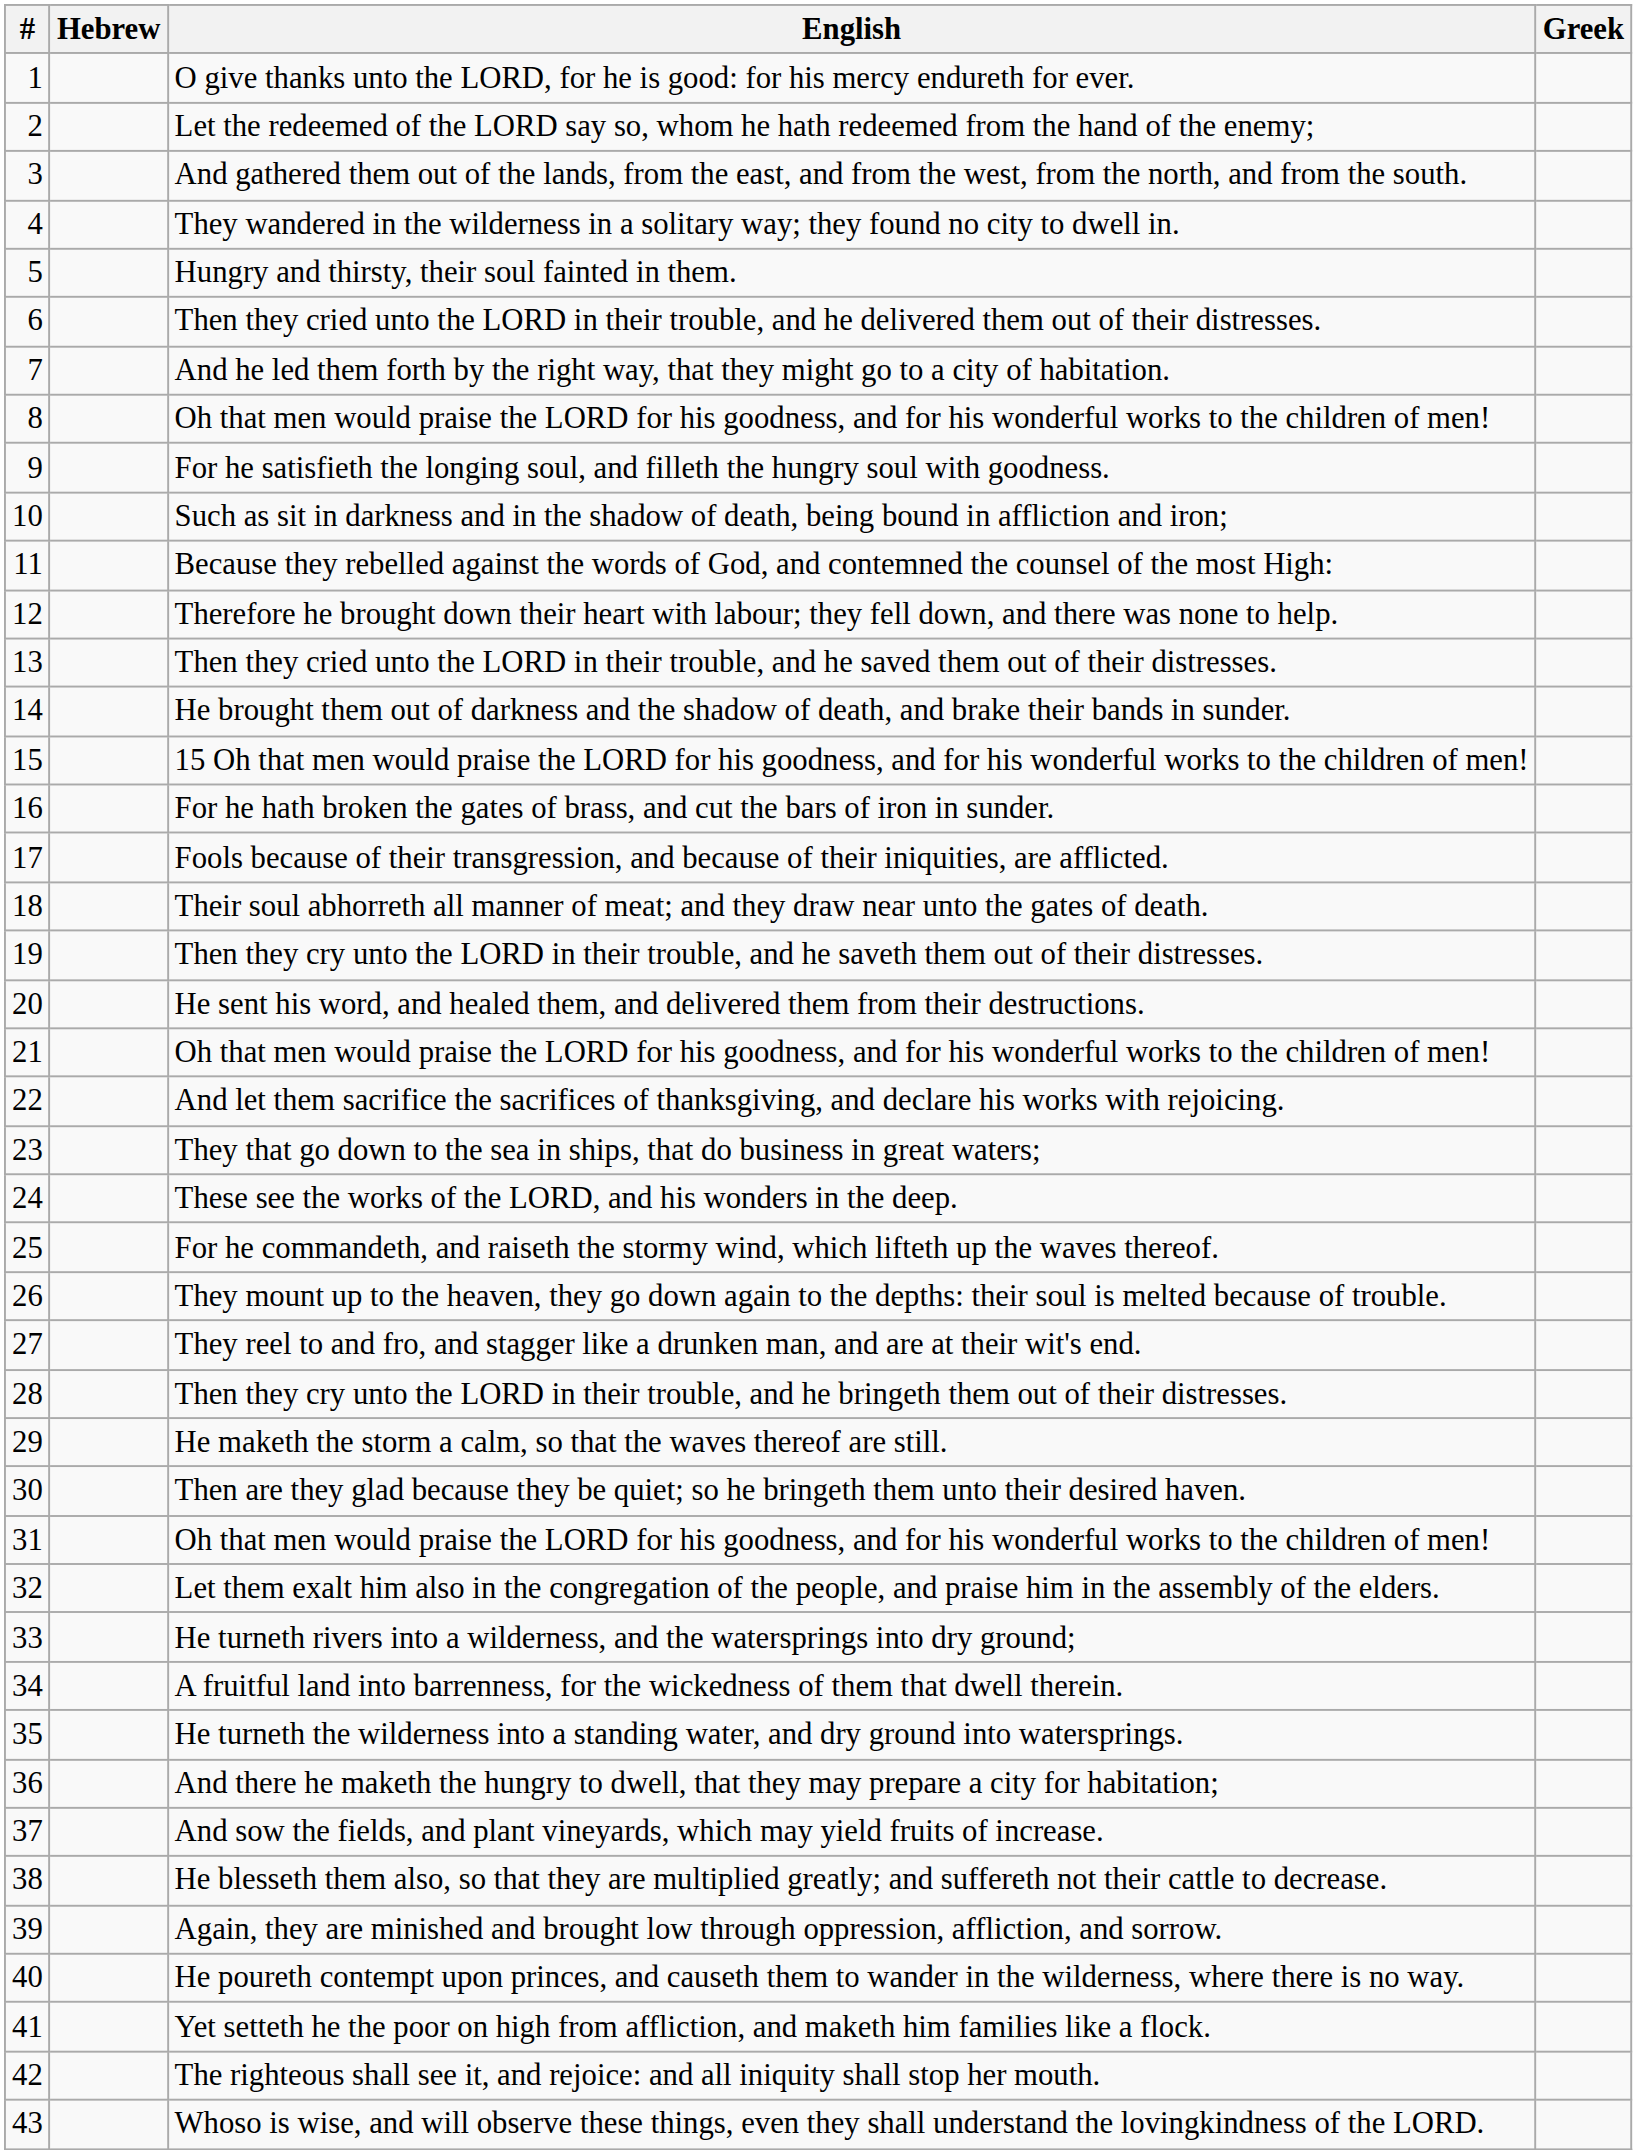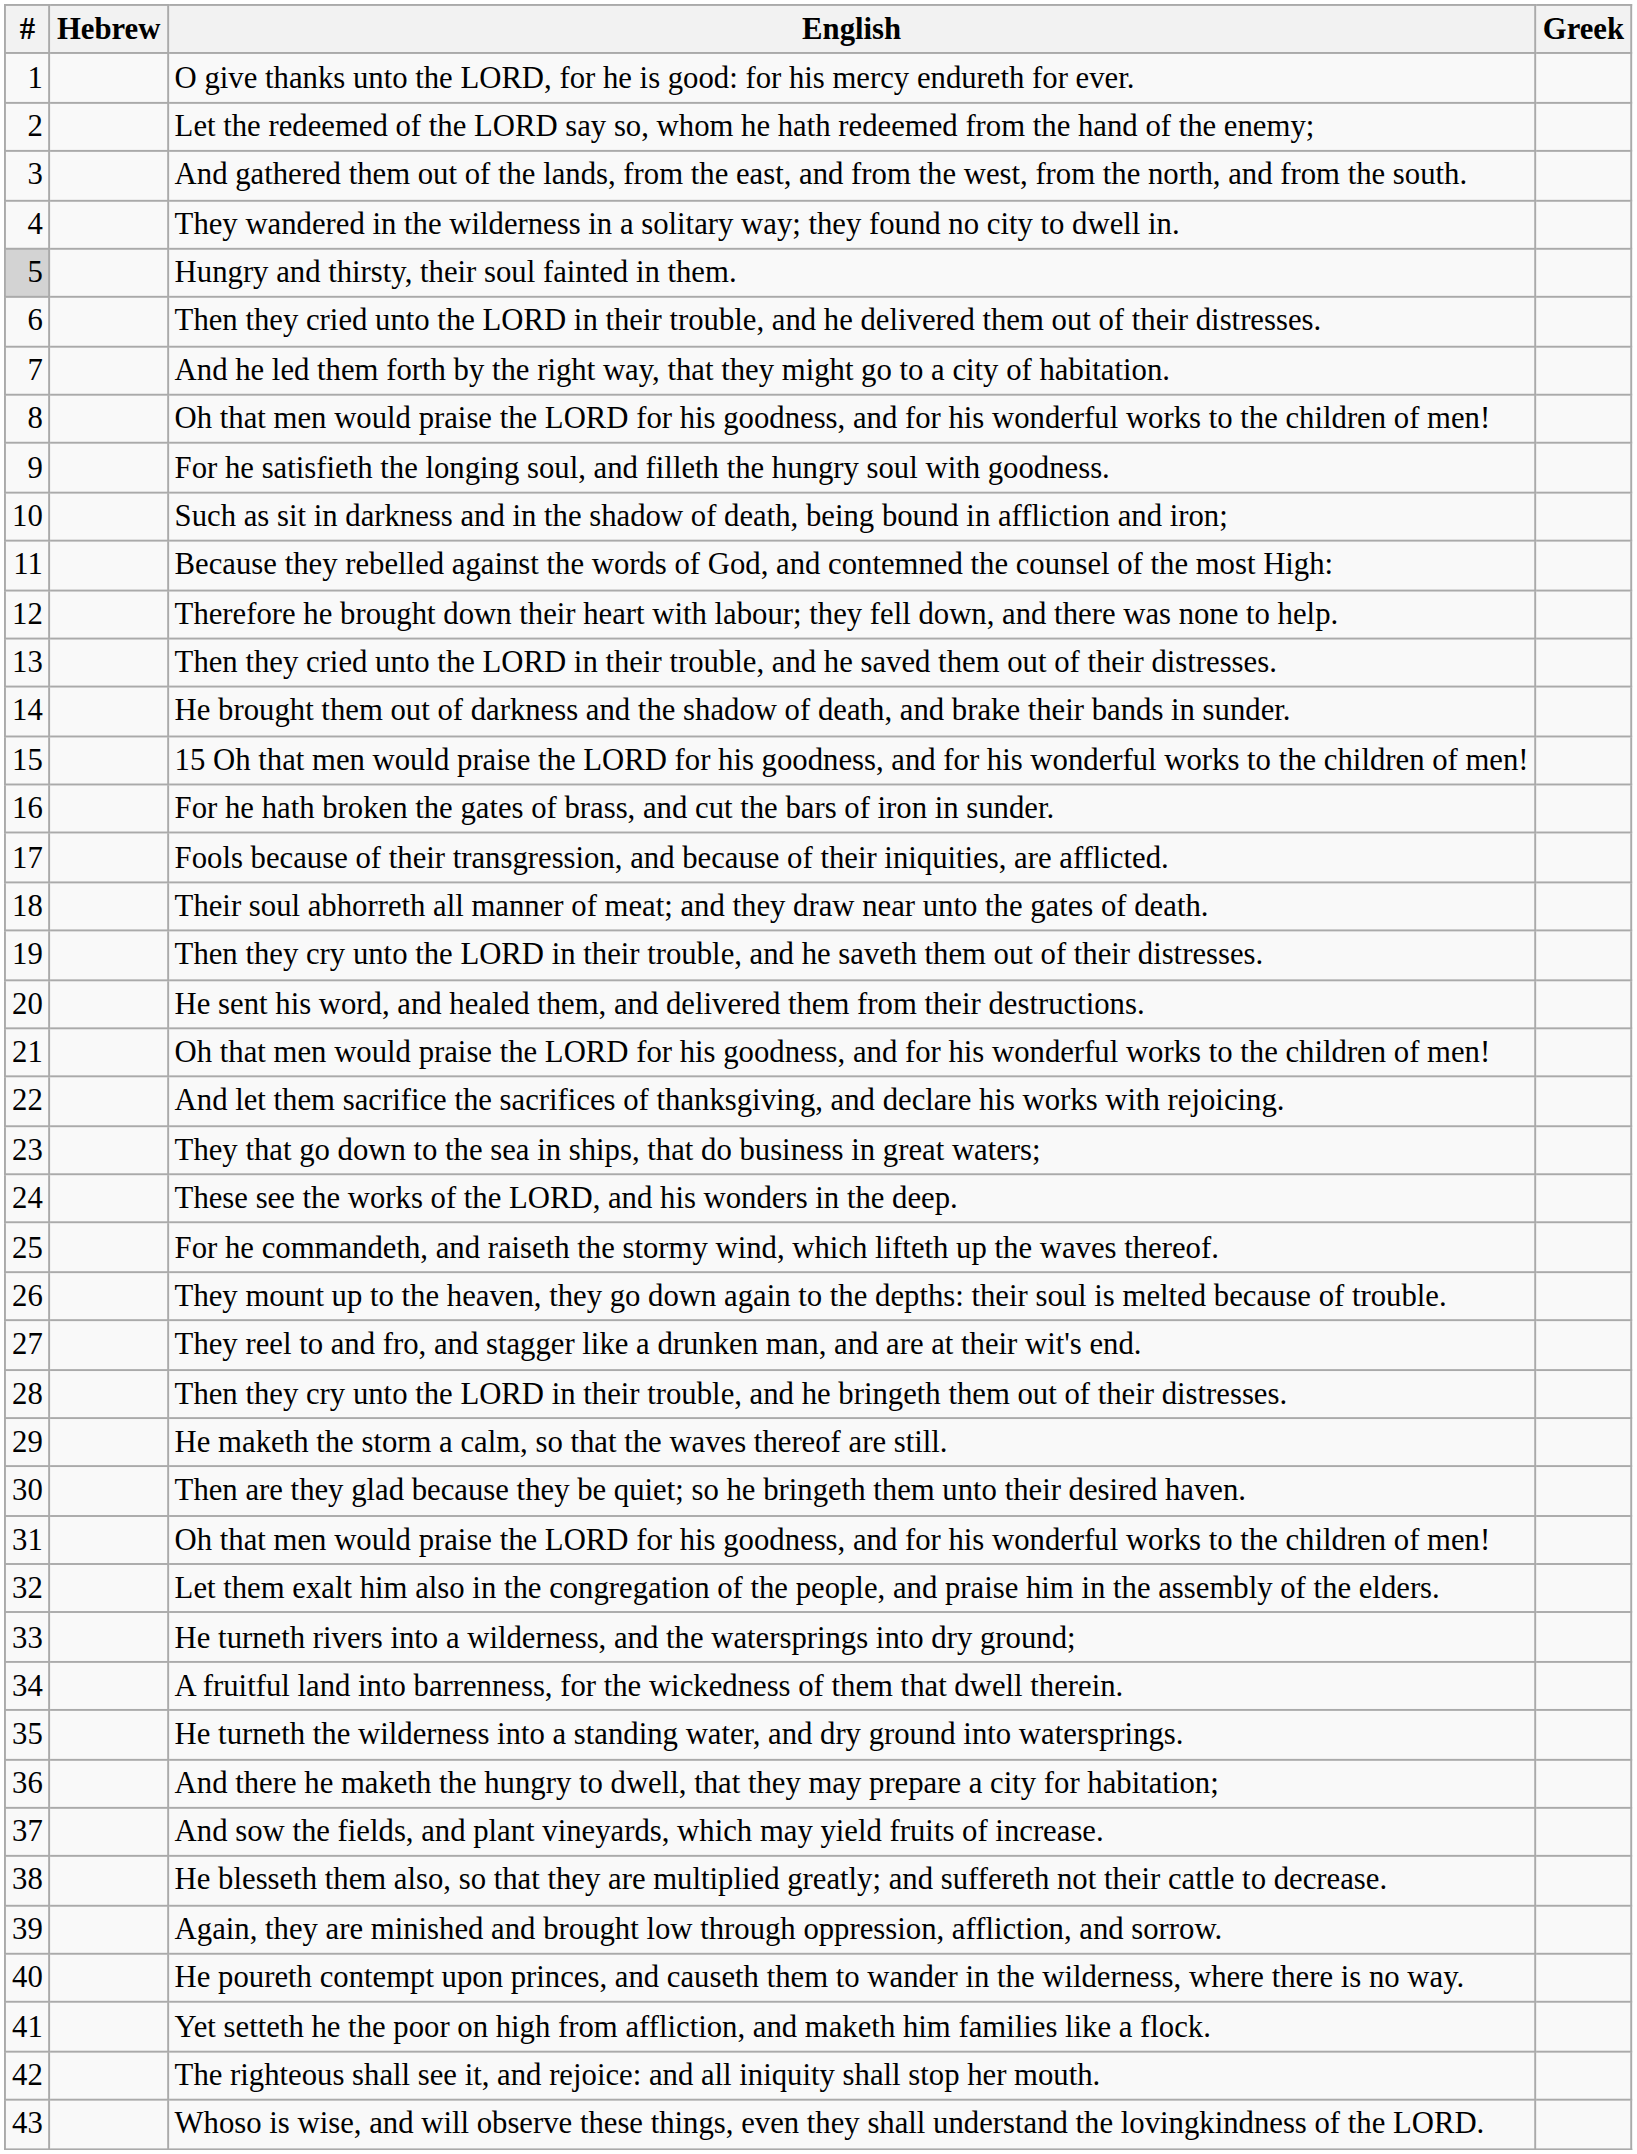 <table class=wikitable>
 <tr>
 <th>#</th>
 <th>Hebrew</th>
 <th>English</th>
 <th>Greek</th>
 </tr>
 <tr>
 <td style="text-align:right">1</td>
 <td style="text-align:right"></td>
 <td>O give thanks unto the LORD, for he is good: for his mercy endureth for ever.</td>
 <td></td>
 </tr>
 <tr>
 <td style="text-align:right">2</td>
 <td style="text-align:right"></td>
 <td>Let the redeemed of the LORD say so, whom he hath redeemed from the hand of the enemy;</td>
 <td></td>
 </tr>
 <tr>
 <td style="text-align:right">3</td>
 <td style="text-align:right"></td>
 <td>And gathered them out of the lands, from the east, and from the west, from the north, and from the south.</td>
 <td></td>
 </tr>
 <tr>
 <td style="text-align:right">4</td>
 <td style="text-align:right"></td>
 <td>They wandered in the wilderness in a solitary way; they found no city to dwell in.</td>
 <td></td>
 </tr>
 <tr>
-<td style="text-align:right">5</td>
+<td style="background: lightgrey; text-align:right">5</td>
 <td style="text-align:right"></td>
 <td>Hungry and thirsty, their soul fainted in them.</td>
 <td></td>
 </tr>
 <tr>
 <td style="text-align:right">6</td>
 <td style="text-align:right"></td>
 <td>Then they cried unto the LORD in their trouble, and he delivered them out of their distresses.</td>
 <td></td>
 </tr>
 <tr>
 <td style="text-align:right">7</td>
 <td style="text-align:right"></td>
 <td>And he led them forth by the right way, that they might go to a city of habitation.</td>
 <td></td>
 </tr>
 <tr>
 <td style="text-align:right">8</td>
 <td style="text-align:right"></td>
 <td>Oh that men would praise the LORD for his goodness, and for his wonderful works to the children of men!</td>
 <td></td>
 </tr>
 <tr>
 <td style="text-align:right">9</td>
 <td style="text-align:right"></td>
 <td>For he satisfieth the longing soul, and filleth the hungry soul with goodness.</td>
 <td></td>
 </tr>
 <tr>
 <td style="text-align:right">10</td>
 <td style="text-align:right"></td>
 <td>Such as sit in darkness and in the shadow of death, being bound in affliction and iron;</td>
 <td></td>
 </tr>
 <tr>
 <td style="text-align:right">11</td>
 <td style="text-align:right"></td>
 <td>Because they rebelled against the words of God, and contemned the counsel of the most High:</td>
 <td></td>
 </tr>
 <tr>
 <td style="text-align:right">12</td>
 <td style="text-align:right"></td>
 <td>Therefore he brought down their heart with labour; they fell down, and there was none to help.</td>
 <td></td>
 </tr>
 <tr>
 <td style="text-align:right">13</td>
 <td style="text-align:right"></td>
 <td>Then they cried unto the LORD in their trouble, and he saved them out of their distresses.</td>
 <td></td>
 </tr>
 <tr>
 <td style="text-align:right">14</td>
 <td style="text-align:right"></td>
 <td>He brought them out of darkness and the shadow of death, and brake their bands in sunder.</td>
 <td></td>
 </tr>
 <tr>
 <td style="text-align:right">15</td>
 <td style="text-align:right"></td>
 <td>15 Oh that men would praise the LORD for his goodness, and for his wonderful works to the children of men!</td>
 <td></td>
 </tr>
 <tr>
 <td style="text-align:right">16</td>
 <td style="text-align:right"></td>
 <td>For he hath broken the gates of brass, and cut the bars of iron in sunder.</td>
 <td></td>
 </tr>
 <tr>
 <td style="text-align:right">17</td>
 <td style="text-align:right"></td>
 <td>Fools because of their transgression, and because of their iniquities, are afflicted.</td>
 <td></td>
 </tr>
 <tr>
 <td style="text-align:right">18</td>
 <td style="text-align:right"></td>
 <td>Their soul abhorreth all manner of meat; and they draw near unto the gates of death.</td>
 <td></td>
 </tr>
 <tr>
 <td style="text-align:right">19</td>
 <td style="text-align:right"></td>
 <td>Then they cry unto the LORD in their trouble, and he saveth them out of their distresses.</td>
 <td></td>
 </tr>
 <tr>
 <td style="text-align:right">20</td>
 <td style="text-align:right"></td>
 <td>He sent his word, and healed them, and delivered them from their destructions.</td>
 <td></td>
 </tr>
 <tr>
 <td style="text-align:right">21</td>
 <td style="text-align:right"></td>
 <td>Oh that men would praise the LORD for his goodness, and for his wonderful works to the children of men!</td>
 <td></td>
 </tr>
 <tr>
 <td style="text-align:right">22</td>
 <td style="text-align:right"></td>
 <td>And let them sacrifice the sacrifices of thanksgiving, and declare his works with rejoicing.</td>
 <td></td>
 </tr>
 <tr>
 <td style="text-align:right">23</td>
 <td style="text-align:right"></td>
 <td>They that go down to the sea in ships, that do business in great waters;</td>
 <td></td>
 </tr>
 <tr>
 <td style="text-align:right">24</td>
 <td style="text-align:right"></td>
 <td>These see the works of the LORD, and his wonders in the deep.</td>
 <td></td>
 </tr>
 <tr>
 <td style="text-align:right">25</td>
 <td style="text-align:right"></td>
 <td>For he commandeth, and raiseth the stormy wind, which lifteth up the waves thereof.</td>
 <td></td>
 </tr>
 <tr>
 <td style="text-align:right">26</td>
 <td style="text-align:right"></td>
 <td>They mount up to the heaven, they go down again to the depths: their soul is melted because of trouble.</td>
 <td></td>
 </tr>
 <tr>
 <td style="text-align:right">27</td>
 <td style="text-align:right"></td>
 <td>They reel to and fro, and stagger like a drunken man, and are at their wit's end.</td>
 <td></td>
 </tr>
 <tr>
 <td style="text-align:right">28</td>
 <td style="text-align:right"></td>
 <td>Then they cry unto the LORD in their trouble, and he bringeth them out of their distresses.</td>
 <td></td>
 </tr>
 <tr>
 <td style="text-align:right">29</td>
 <td style="text-align:right"></td>
 <td>He maketh the storm a calm, so that the waves thereof are still.</td>
 <td></td>
 </tr>
 <tr>
 <td style="text-align:right">30</td>
 <td style="text-align:right"></td>
 <td>Then are they glad because they be quiet; so he bringeth them unto their desired haven.</td>
 <td></td>
 </tr>
 <tr>
 <td style="text-align:right">31</td>
 <td style="text-align:right"></td>
 <td>Oh that men would praise the LORD for his goodness, and for his wonderful works to the children of men!</td>
 <td></td>
 </tr>
 <tr>
 <td style="text-align:right">32</td>
 <td style="text-align:right"></td>
 <td>Let them exalt him also in the congregation of the people, and praise him in the assembly of the elders.</td>
 <td></td>
 </tr>
 <tr>
 <td style="text-align:right">33</td>
 <td style="text-align:right"></td>
 <td>He turneth rivers into a wilderness, and the watersprings into dry ground;</td>
 <td></td>
 </tr>
 <tr>
 <td style="text-align:right">34</td>
 <td style="text-align:right"></td>
 <td>A fruitful land into barrenness, for the wickedness of them that dwell therein.</td>
 <td></td>
 </tr>
 <tr>
 <td style="text-align:right">35</td>
 <td style="text-align:right"></td>
 <td>He turneth the wilderness into a standing water, and dry ground into watersprings.</td>
 <td></td>
 </tr>
 <tr>
 <td style="text-align:right">36</td>
 <td style="text-align:right"></td>
 <td>And there he maketh the hungry to dwell, that they may prepare a city for habitation;</td>
 <td></td>
 </tr>
 <tr>
 <td style="text-align:right">37</td>
 <td style="text-align:right"></td>
 <td>And sow the fields, and plant vineyards, which may yield fruits of increase.</td>
 <td></td>
 </tr>
 <tr>
 <td style="text-align:right">38</td>
 <td style="text-align:right"></td>
 <td>He blesseth them also, so that they are multiplied greatly; and suffereth not their cattle to decrease.</td>
 <td></td>
 </tr>
 <tr>
 <td style="text-align:right">39</td>
 <td style="text-align:right"></td>
 <td>Again, they are minished and brought low through oppression, affliction, and sorrow.</td>
 <td></td>
 </tr>
 <tr>
 <td style="text-align:right">40</td>
 <td style="text-align:right"></td>
 <td>He poureth contempt upon princes, and causeth them to wander in the wilderness, where there is no way.</td>
 <td></td>
 </tr>
 <tr>
 <td style="text-align:right">41</td>
 <td style="text-align:right"></td>
 <td>Yet setteth he the poor on high from affliction, and maketh him families like a flock.</td>
 <td></td>
 </tr>
 <tr>
 <td style="text-align:right">42</td>
 <td style="text-align:right"></td>
 <td>The righteous shall see it, and rejoice: and all iniquity shall stop her mouth.</td>
 <td></td>
 </tr>
 <tr>
 <td style="text-align:right">43</td>
 <td style="text-align:right"></td>
 <td>Whoso is wise, and will observe these things, even they shall understand the lovingkindness of the LORD.</td>
 <td></td>
 </tr>
 <tr>
 </tr>
 </table>
